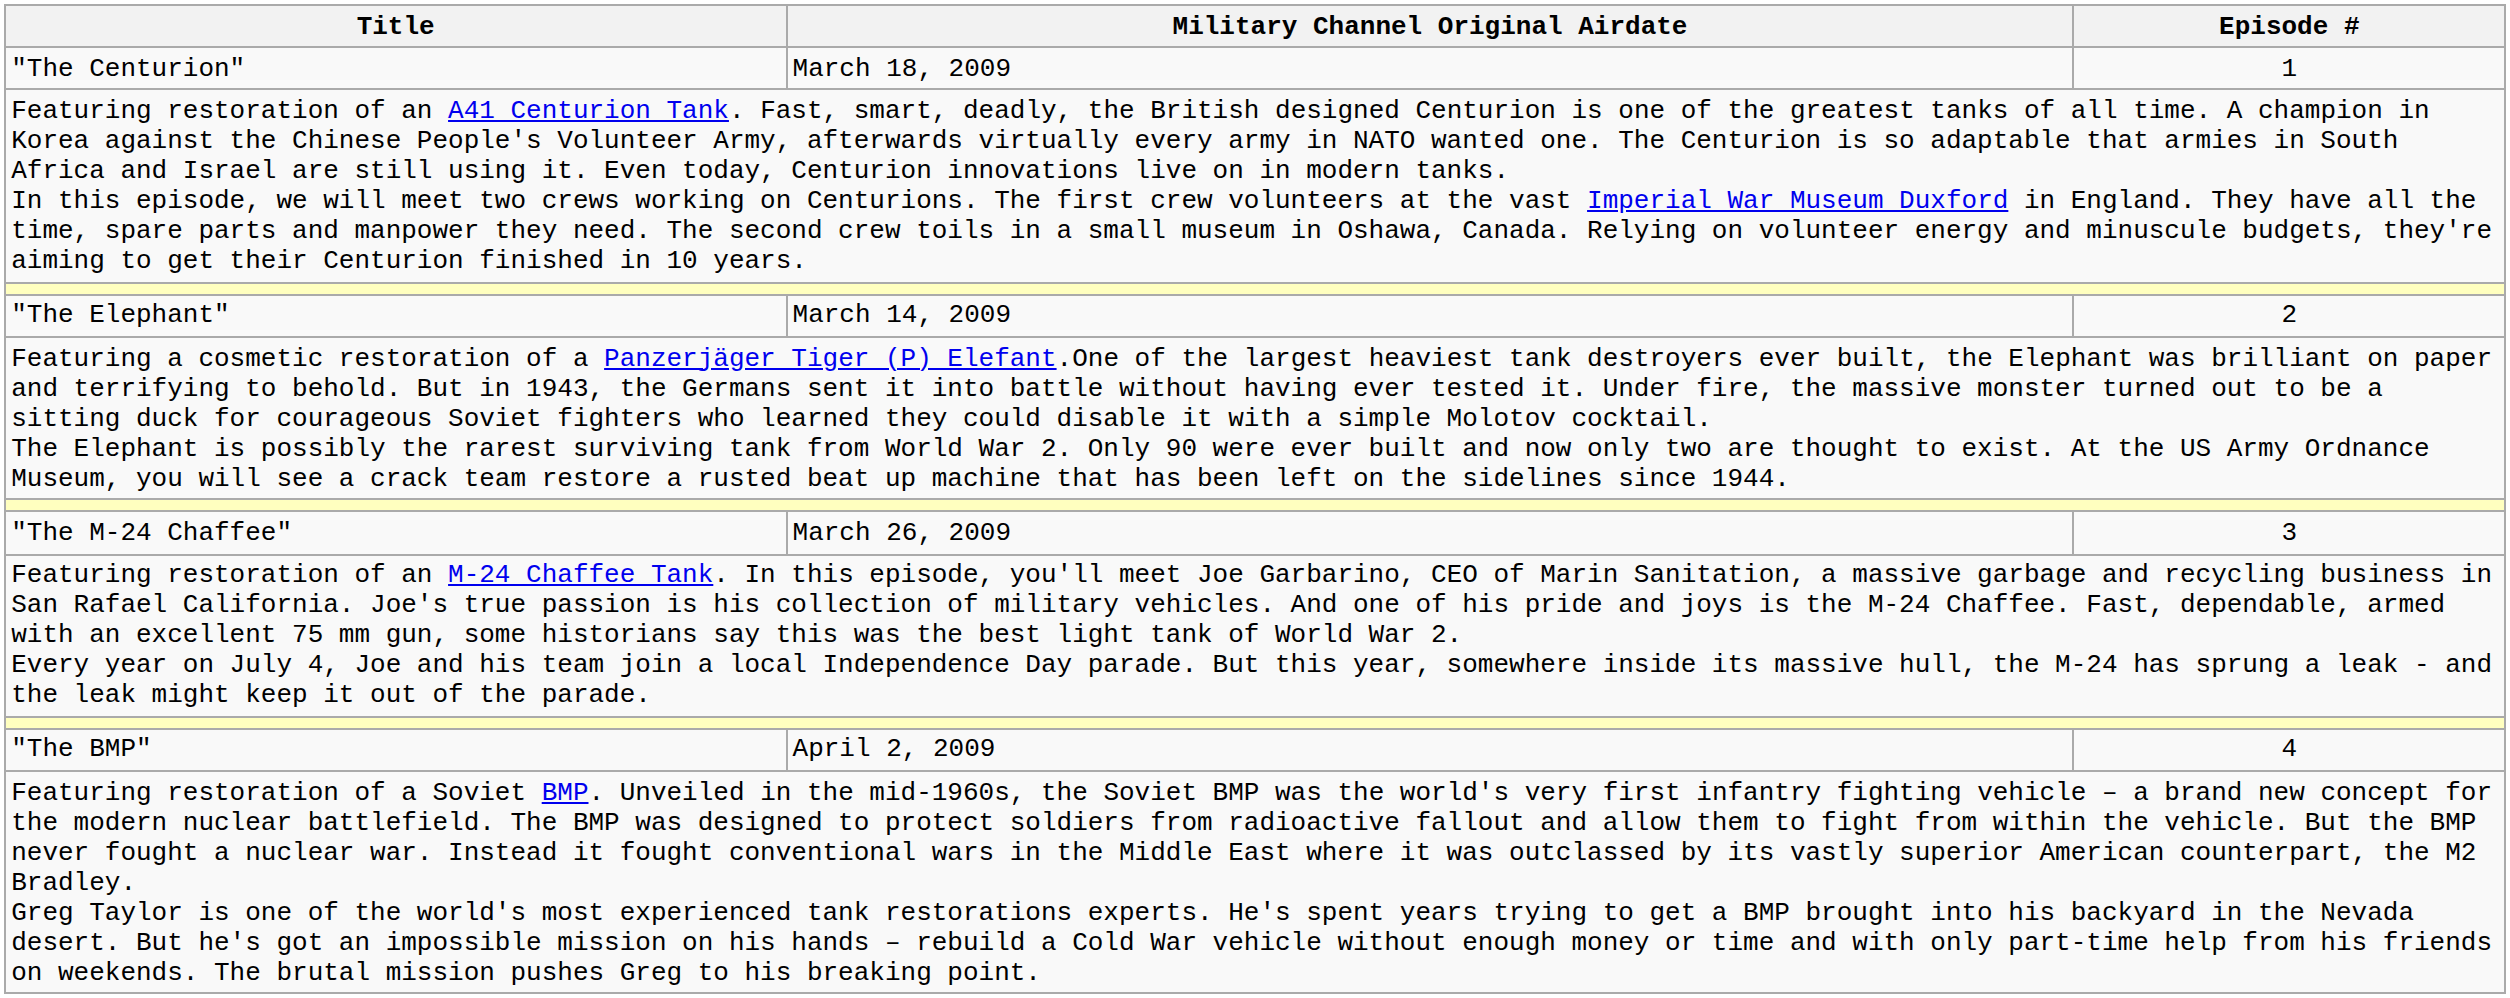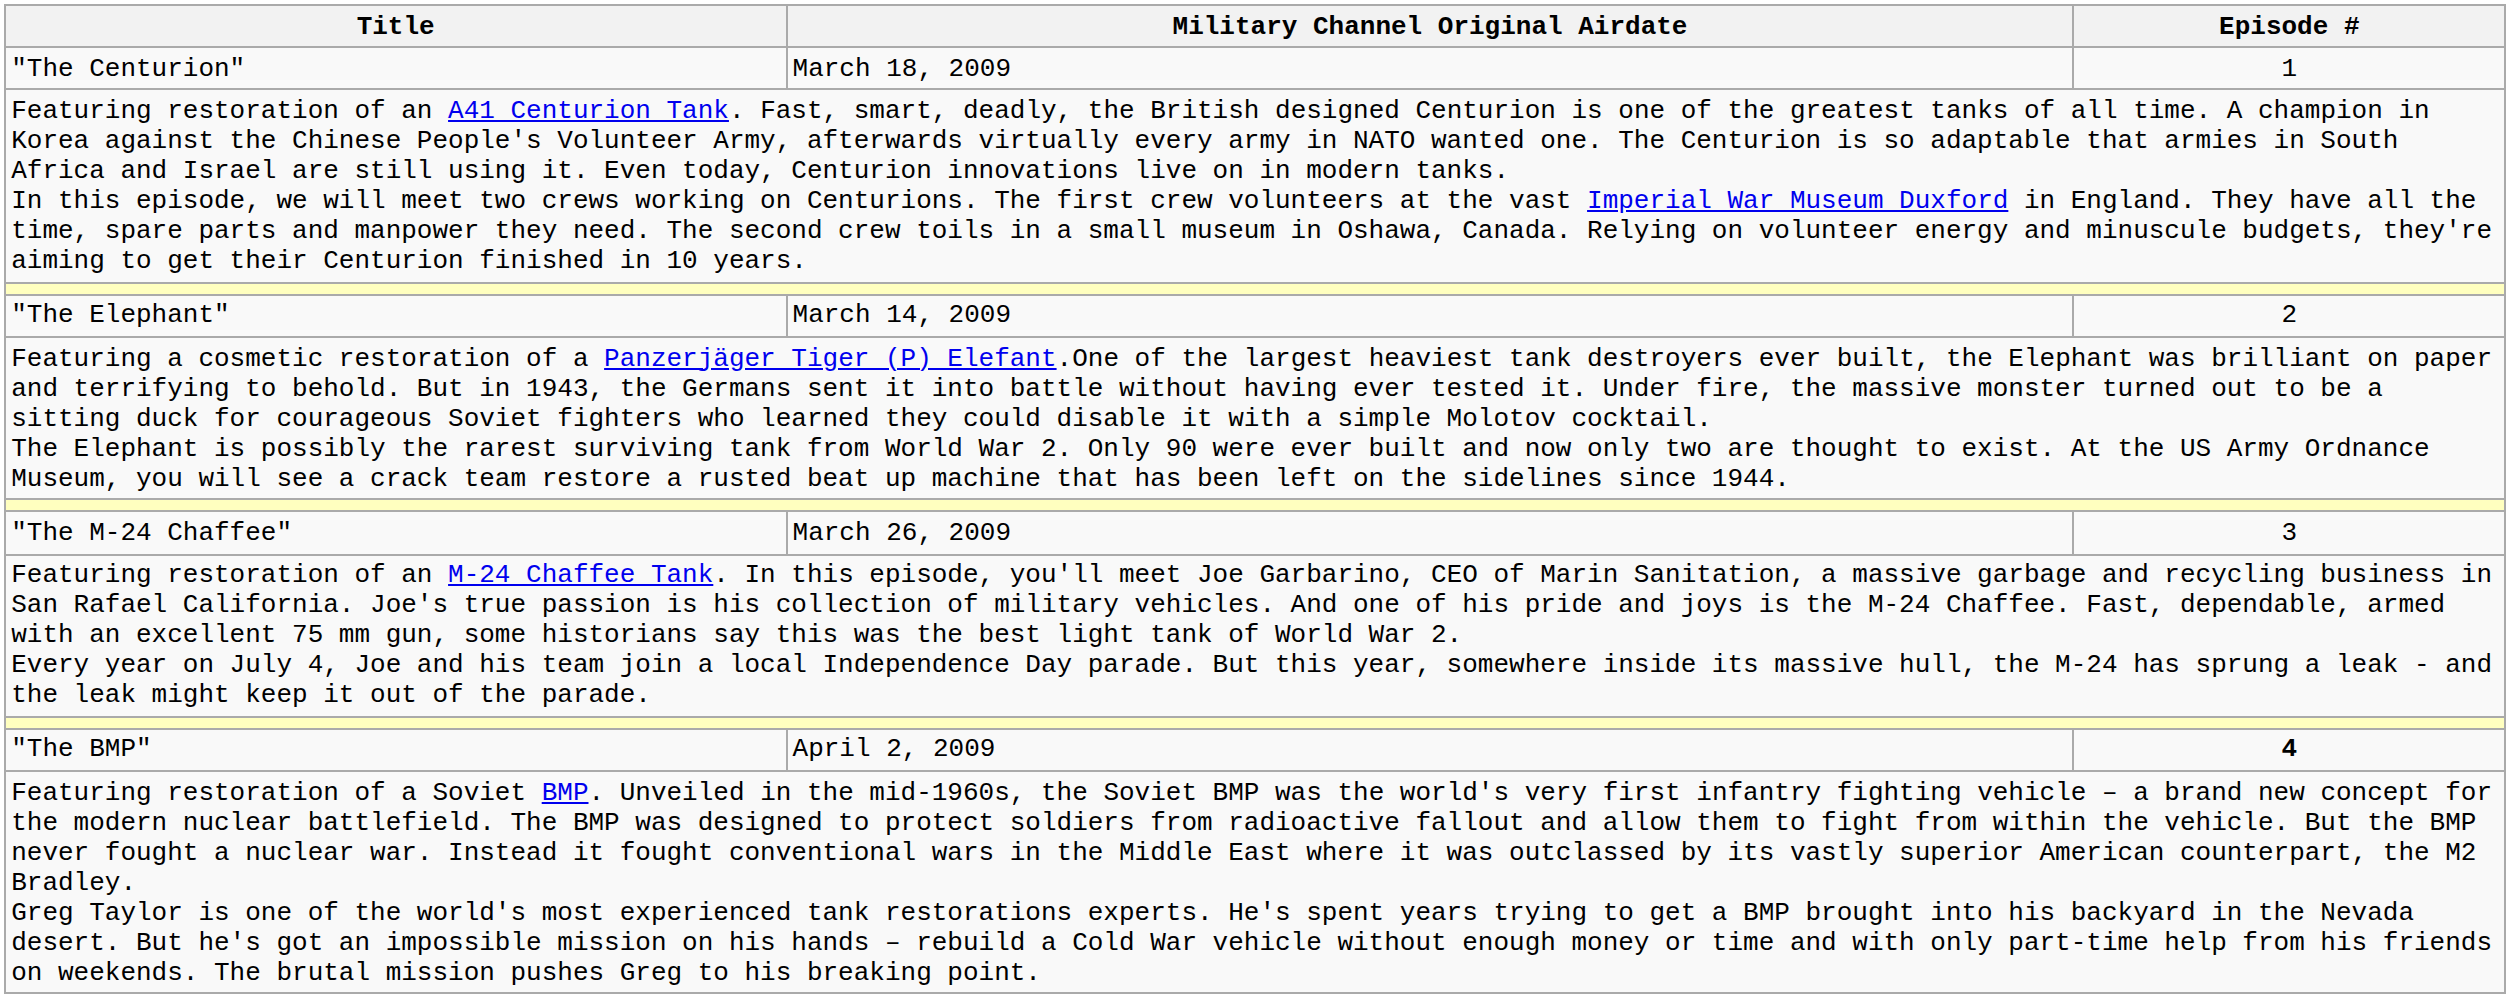 <table class="wikitable">
 <tr>
 <th>Title</th>
 <th>Military Channel Original Airdate</th>
 <th>Episode #</th>
 </tr>
 <tr>
 <td>"The Centurion"</td>
 <td>March 18, 2009</td>
 <td align="center">1</td>
 </tr>
 <tr>
 <td colspan="3">Featuring restoration of an <a href='#'>A41 Centurion Tank</a>. Fast, smart, deadly, the British designed Centurion is one of the greatest tanks of all time. A champion in Korea against the Chinese People's Volunteer Army, afterwards virtually every army in NATO wanted one. The Centurion is so adaptable that armies in South Africa and Israel are still using it. Even today, Centurion innovations live on in modern tanks.<br>In this episode, we will meet two crews working on Centurions. The first crew volunteers at the vast <a href='#'>Imperial War Museum Duxford</a> in England. They have all the time, spare parts and manpower they need. The second crew toils in a small museum in Oshawa, Canada. Relying on volunteer energy and minuscule budgets, they're aiming to get their Centurion finished in 10 years.</td>
 </tr>
 <tr>
 <td colspan="3" bgcolor="#FFFFBF"></td>
 </tr>
 <tr>
 <td>"The Elephant"</td>
 <td>March 14, 2009</td>
 <td align="center">2</td>
 </tr>
 <tr>
 <td colspan="3">Featuring a cosmetic restoration of a <a href='#'>Panzerjäger Tiger (P) Elefant</a>.One of the largest heaviest tank destroyers ever built, the Elephant was brilliant on paper and terrifying to behold. But in 1943, the Germans sent it into battle without having ever tested it. Under fire, the massive monster turned out to be a sitting duck for courageous Soviet fighters who learned they could disable it with a simple Molotov cocktail.<br>The Elephant is possibly the rarest surviving tank from World War 2. Only 90 were ever built and now only two are thought to exist. At the US Army Ordnance Museum, you will see a crack team restore a rusted beat up machine that has been left on the sidelines since 1944.</td>
 </tr>
 <tr>
 <td colspan="3" bgcolor="#FFFFBF"></td>
 </tr>
 <tr>
 <td>"The M-24 Chaffee"</td>
 <td>March 26, 2009</td>
 <td align="center">3</td>
 </tr>
 <tr>
 <td colspan="3">Featuring restoration of an <a href='#'>M-24 Chaffee Tank</a>. In this episode, you'll meet Joe Garbarino, CEO of Marin Sanitation, a massive garbage and recycling business in San Rafael California. Joe's true passion is his collection of military vehicles.  And one of his pride and joys is the M-24 Chaffee. Fast, dependable, armed with an excellent 75 mm gun, some historians say this was the best light tank of World War 2.<br>Every year on July 4, Joe and his team join a local Independence Day parade. But this year, somewhere inside its massive hull, the M-24 has sprung a leak - and the leak might keep it out of the parade.</td>
 </tr>
 <tr>
 <td colspan="3" bgcolor="#FFFFBF"></td>
 </tr>
 <tr>
 <td>"The BMP"</td>
 <td>April 2, 2009</td>
-<td align="center">4</td>
+<td align="center"><strong>4</strong></td>
 </tr>
 <tr>
 <td colspan="3">Featuring restoration of a Soviet <a href='#'>BMP</a>. Unveiled in the mid-1960s, the Soviet BMP was the world's very first infantry fighting vehicle – a brand new concept for the modern nuclear battlefield. The BMP was designed to protect soldiers from radioactive fallout and allow them to fight from within the vehicle. But the BMP never fought a nuclear war. Instead it fought conventional wars in the Middle East where it was outclassed by its vastly superior American counterpart, the M2 Bradley.<br>Greg Taylor is one of the world's most experienced tank restorations experts. He's spent years trying to get a BMP brought into his backyard in the Nevada desert. But he's got an impossible mission on his hands – rebuild a Cold War vehicle without enough money or time and with only part-time help from his friends on weekends. The brutal mission pushes Greg to his breaking point.</td>
 </tr>
 </table>
